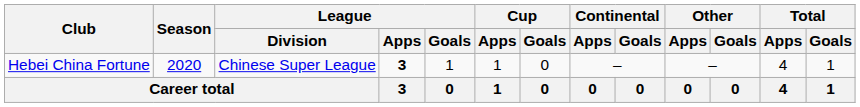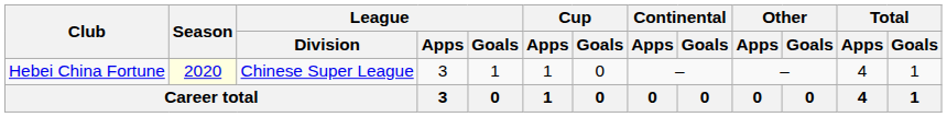 <table class="wikitable" style="text-align: center">
 <tr>
 <th rowspan="2">Club</th>
 <th rowspan="2">Season</th>
 <th colspan="3">League</th>
 <th colspan="2">Cup</th>
 <th colspan="2">Continental</th>
 <th colspan="2">Other</th>
 <th colspan="2">Total</th>
 </tr>
 <tr>
 <th>Division</th>
 <th>Apps</th>
 <th>Goals</th>
 <th>Apps</th>
 <th>Goals</th>
 <th>Apps</th>
 <th>Goals</th>
 <th>Apps</th>
 <th>Goals</th>
 <th>Apps</th>
 <th>Goals</th>
 </tr>
 <tr>
 <td><a href='#'>Hebei China Fortune</a></td>
-<td><a href='#'>2020</a></td>
+<td style="background: lightyellow;"><a href='#'>2020</a></td>
 <td><a href='#'>Chinese Super League</a></td>
-<td><strong>3</strong></td>
+<td>3</td>
 <td>1</td>
 <td>1</td>
 <td>0</td>
 <td colspan="2">–</td>
 <td colspan="2">–</td>
 <td>4</td>
 <td>1</td>
 </tr>
 <tr>
 <th colspan=3>Career total</th>
 <th>3</th>
 <th>0</th>
 <th>1</th>
 <th>0</th>
 <th>0</th>
 <th>0</th>
 <th>0</th>
 <th>0</th>
 <th>4</th>
 <th>1</th>
 </tr>
 </table>
